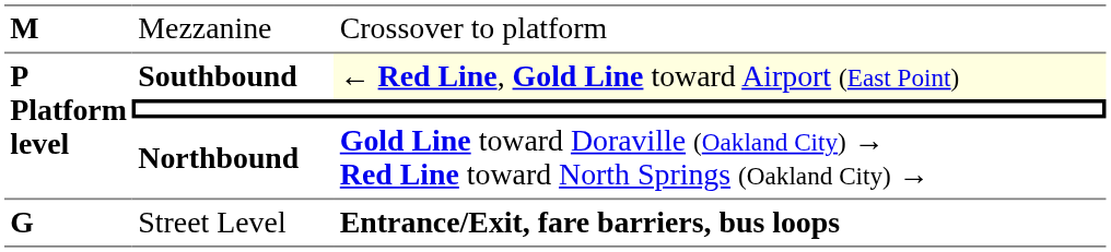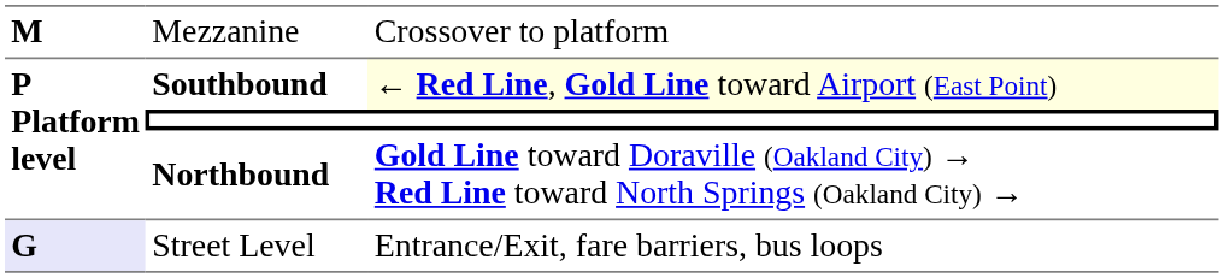 <table table border=0 cellspacing=0 cellpadding=3>
 <tr>
 <td style="border-top:solid 1px gray;" width=50 valign=top><strong>M</strong></td>
 <td style="border-top:solid 1px gray;" width=100 valign=top>Mezzanine</td>
 <td style="border-top:solid 1px gray;" width=400 valign=top>Crossover to platform</td>
 </tr>
 <tr>
 <td style="border-top:solid 1px gray;border-bottom:solid 1px gray;" width=50 rowspan=3 valign=top><strong>P<br>Platform level</strong></td>
 <td style="border-top:solid 1px gray;" width=100><strong>Southbound</strong></td>
 <td style="background: lightyellow; border-top:solid 1px gray;" width=400>← <a href='#'><span><strong>Red Line</strong></span></a>, <a href='#'><span><strong>Gold Line</strong></span></a> toward <a href='#'>Airport</a> <small>(<a href='#'>East Point</a>)</small></td>
 </tr>
 <tr>
 <td style="border-top:solid 2px black;border-right:solid 2px black;border-left:solid 2px black;border-bottom:solid 2px black;text-align:center;" colspan=2></td>
 </tr>
 <tr>
 <td style="border-bottom:solid 1px gray;"><strong>Northbound</strong></td>
 <td style="border-bottom:solid 1px gray;"> <a href='#'><span><strong>Gold Line</strong></span></a> toward <a href='#'>Doraville</a> <small>(<a href='#'>Oakland City</a>)</small> →<br> <a href='#'><span><strong>Red Line</strong></span></a> toward <a href='#'>North Springs</a> <small>(Oakland City)</small> →</td>
 </tr>
 <tr>
-<td style="border-bottom:solid 1px gray;" width=50 valign=top><strong>G</strong></td>
+<td style="background: lavender; border-bottom:solid 1px gray;" width=50 valign=top><strong>G</strong></td>
 <td style="border-bottom:solid 1px gray;" width=100 valign=top>Street Level</td>
-<td style="border-bottom:solid 1px gray;" width=400 valign=top><strong>Entrance/Exit, fare barriers, bus loops</strong></td>
+<td style="border-bottom:solid 1px gray;" width=400 valign=top>Entrance/Exit, fare barriers, bus loops</td>
 </tr>
 </table>
